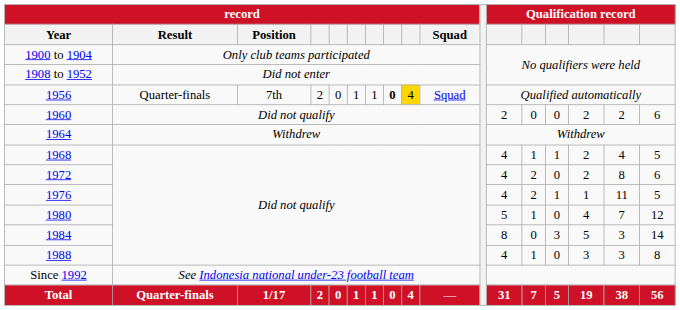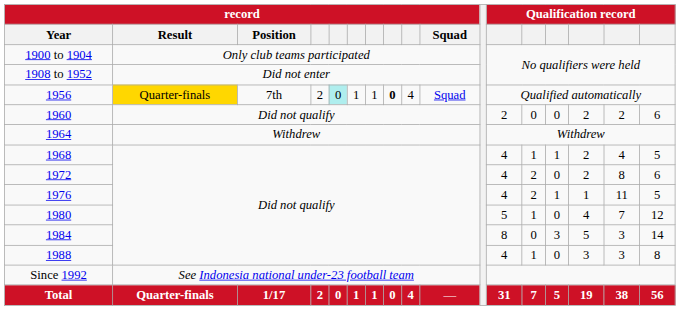 <table class="wikitable" style="text-align: center; width: 850px;">
 <tr>
 <th colspan="10" style="background-color: #CE1126; color: #FFFFFF;"><a href='#'></a> record</th>
 <th style="width: 1%;" rowspan=15></th>
 <th colspan=7 style="background-color: #CE1126; color: #FFFFFF;">Qualification record</th>
 </tr>
 <tr>
 <th>Year</th>
 <th>Result</th>
 <th>Position</th>
 <th></th>
 <th></th>
 <th></th>
 <th></th>
 <th></th>
 <th></th>
 <th>Squad</th>
 <th></th>
 <th></th>
 <th></th>
 <th></th>
 <th></th>
 <th></th>
 </tr>
 <tr>
 <td><a href='#'>1900</a> to <a href='#'>1904</a></td>
 <td colspan=9><em>Only club teams participated</em></td>
 <td colspan=6 rowspan=2><em>No qualifiers were held</em></td>
 </tr>
 <tr>
 <td><a href='#'>1908</a> to <a href='#'>1952</a></td>
 <td colspan=9><em>Did not enter</em></td>
 </tr>
 <tr>
 <td> <a href='#'>1956</a></td>
-<td>Quarter-finals</td>
+<td style="background: gold;">Quarter-finals</td>
 <td>7th</td>
 <td>2</td>
-<td>0</td>
+<td style="background: paleturquoise;">0</td>
 <td>1</td>
 <td>1</td>
 <td><strong>0</strong></td>
-<td style="background: gold;">4</td>
+<td>4</td>
 <td><a href='#'>Squad</a></td>
 <td colspan=6><em>Qualified automatically</em></td>
 </tr>
 <tr>
 <td> <a href='#'>1960</a></td>
 <td colspan=9><em>Did not qualify</em></td>
 <td>2</td>
 <td>0</td>
 <td>0</td>
 <td>2</td>
 <td>2</td>
 <td>6</td>
 </tr>
 <tr>
 <td> <a href='#'>1964</a></td>
 <td colspan=9><em>Withdrew</em></td>
 <td colspan=6><em>Withdrew</em></td>
 </tr>
 <tr>
 <td> <a href='#'>1968</a></td>
 <td colspan=9 rowspan=6><em>Did not qualify</em></td>
 <td>4</td>
 <td>1</td>
 <td>1</td>
 <td>2</td>
 <td>4</td>
 <td>5</td>
 </tr>
 <tr>
 <td> <a href='#'>1972</a></td>
 <td>4</td>
 <td>2</td>
 <td>0</td>
 <td>2</td>
 <td>8</td>
 <td>6</td>
 </tr>
 <tr>
 <td> <a href='#'>1976</a></td>
 <td>4</td>
 <td>2</td>
 <td>1</td>
 <td>1</td>
 <td>11</td>
 <td>5</td>
 </tr>
 <tr>
 <td> <a href='#'>1980</a></td>
 <td>5</td>
 <td>1</td>
 <td>0</td>
 <td>4</td>
 <td>7</td>
 <td>12</td>
 </tr>
 <tr>
 <td> <a href='#'>1984</a></td>
 <td>8</td>
 <td>0</td>
 <td>3</td>
 <td>5</td>
 <td>3</td>
 <td>14</td>
 </tr>
 <tr>
 <td> <a href='#'>1988</a></td>
 <td>4</td>
 <td>1</td>
 <td>0</td>
 <td>3</td>
 <td>3</td>
 <td>8</td>
 </tr>
 <tr>
 <td>Since <a href='#'>1992</a></td>
 <td colspan=9><em>See <a href='#'>Indonesia national under-23 football team</a></em></td>
 </tr>
 <tr style="background-color: #CE1126; color: #FFFFFF;" |>
 <td><strong>Total</strong></td>
 <td><strong>Quarter-finals</strong></td>
 <td><strong>1/17</strong></td>
 <td><strong>2</strong></td>
 <td><strong>0</strong></td>
 <td><strong>1</strong></td>
 <td><strong>1</strong></td>
 <td><strong>0</strong></td>
 <td><strong>4</strong></td>
 <td>—</td>
 <td><strong>31</strong></td>
 <td><strong>7</strong></td>
 <td><strong>5</strong></td>
 <td><strong>19</strong></td>
 <td><strong>38</strong></td>
 <td><strong>56</strong></td>
 </tr>
 </table>
